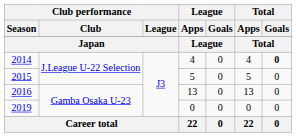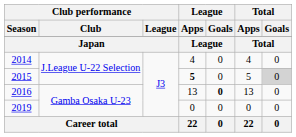 <table class="wikitable" style="text-align:center">
 <tr>
 <th colspan=3>Club performance</th>
 <th colspan=2>League</th>
 <th colspan=2>Total</th>
 </tr>
 <tr>
 <th>Season</th>
 <th>Club</th>
 <th>League</th>
 <th>Apps</th>
 <th>Goals</th>
 <th>Apps</th>
 <th>Goals</th>
 </tr>
 <tr>
 </tr>
 <tr>
 <th colspan=3>Japan</th>
 <th colspan=2>League</th>
 <th colspan=2>Total</th>
 </tr>
 <tr>
 <td><a href='#'>2014</a></td>
 <td rowspan="2"><a href='#'>J.League U-22 Selection</a></td>
 <td rowspan="4"><a href='#'>J3</a></td>
 <td>4</td>
 <td>0</td>
 <td>4</td>
-<td><strong>0</strong></td>
+<td>0</td>
 </tr>
 <tr>
 <td><a href='#'>2015</a></td>
-<td>5</td>
+<td><strong>5</strong></td>
 <td>0</td>
 <td>5</td>
-<td>0</td>
+<td style="background: lightgrey;">0</td>
 </tr>
 <tr>
 <td><a href='#'>2016</a></td>
 <td rowspan=2><a href='#'>Gamba Osaka U-23</a></td>
 <td>13</td>
-<td>0</td>
+<td><strong>0</strong></td>
 <td>13</td>
 <td>0</td>
 </tr>
 <tr>
 <td><a href='#'>2019</a></td>
 <td>0</td>
 <td>0</td>
 <td>0</td>
 <td>0</td>
 </tr>
 <tr>
 <th colspan=3>Career total</th>
 <th>22</th>
 <th>0</th>
 <th>22</th>
 <th>0</th>
 </tr>
 </table>
